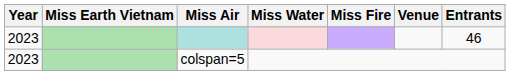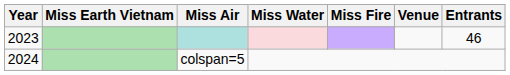 <table class="wikitable " style="font-size: 90%; text-align:center;">
 <tr>
 <th>Year</th>
 <th>Miss Earth Vietnam</th>
 <th>Miss Air</th>
 <th>Miss Water</th>
 <th>Miss Fire</th>
 <th>Venue</th>
 <th>Entrants</th>
 </tr>
 <tr>
 <td>2023</td>
 <td style="background-color:#ACE1AF;"></td>
 <td style="background-color:#ACE1DF;"></td>
 <td style="background-color:#FADADD;"></td>
 <td style="background-color:#caacff;"></td>
 <td></td>
 <td>46</td>
 </tr>
 <tr>
-<td>2023</td>
+<td>2024</td>
 <td style="background-color:#ACE1AF;"></td>
 <td>colspan=5 </td>
 </tr>
 </table>
